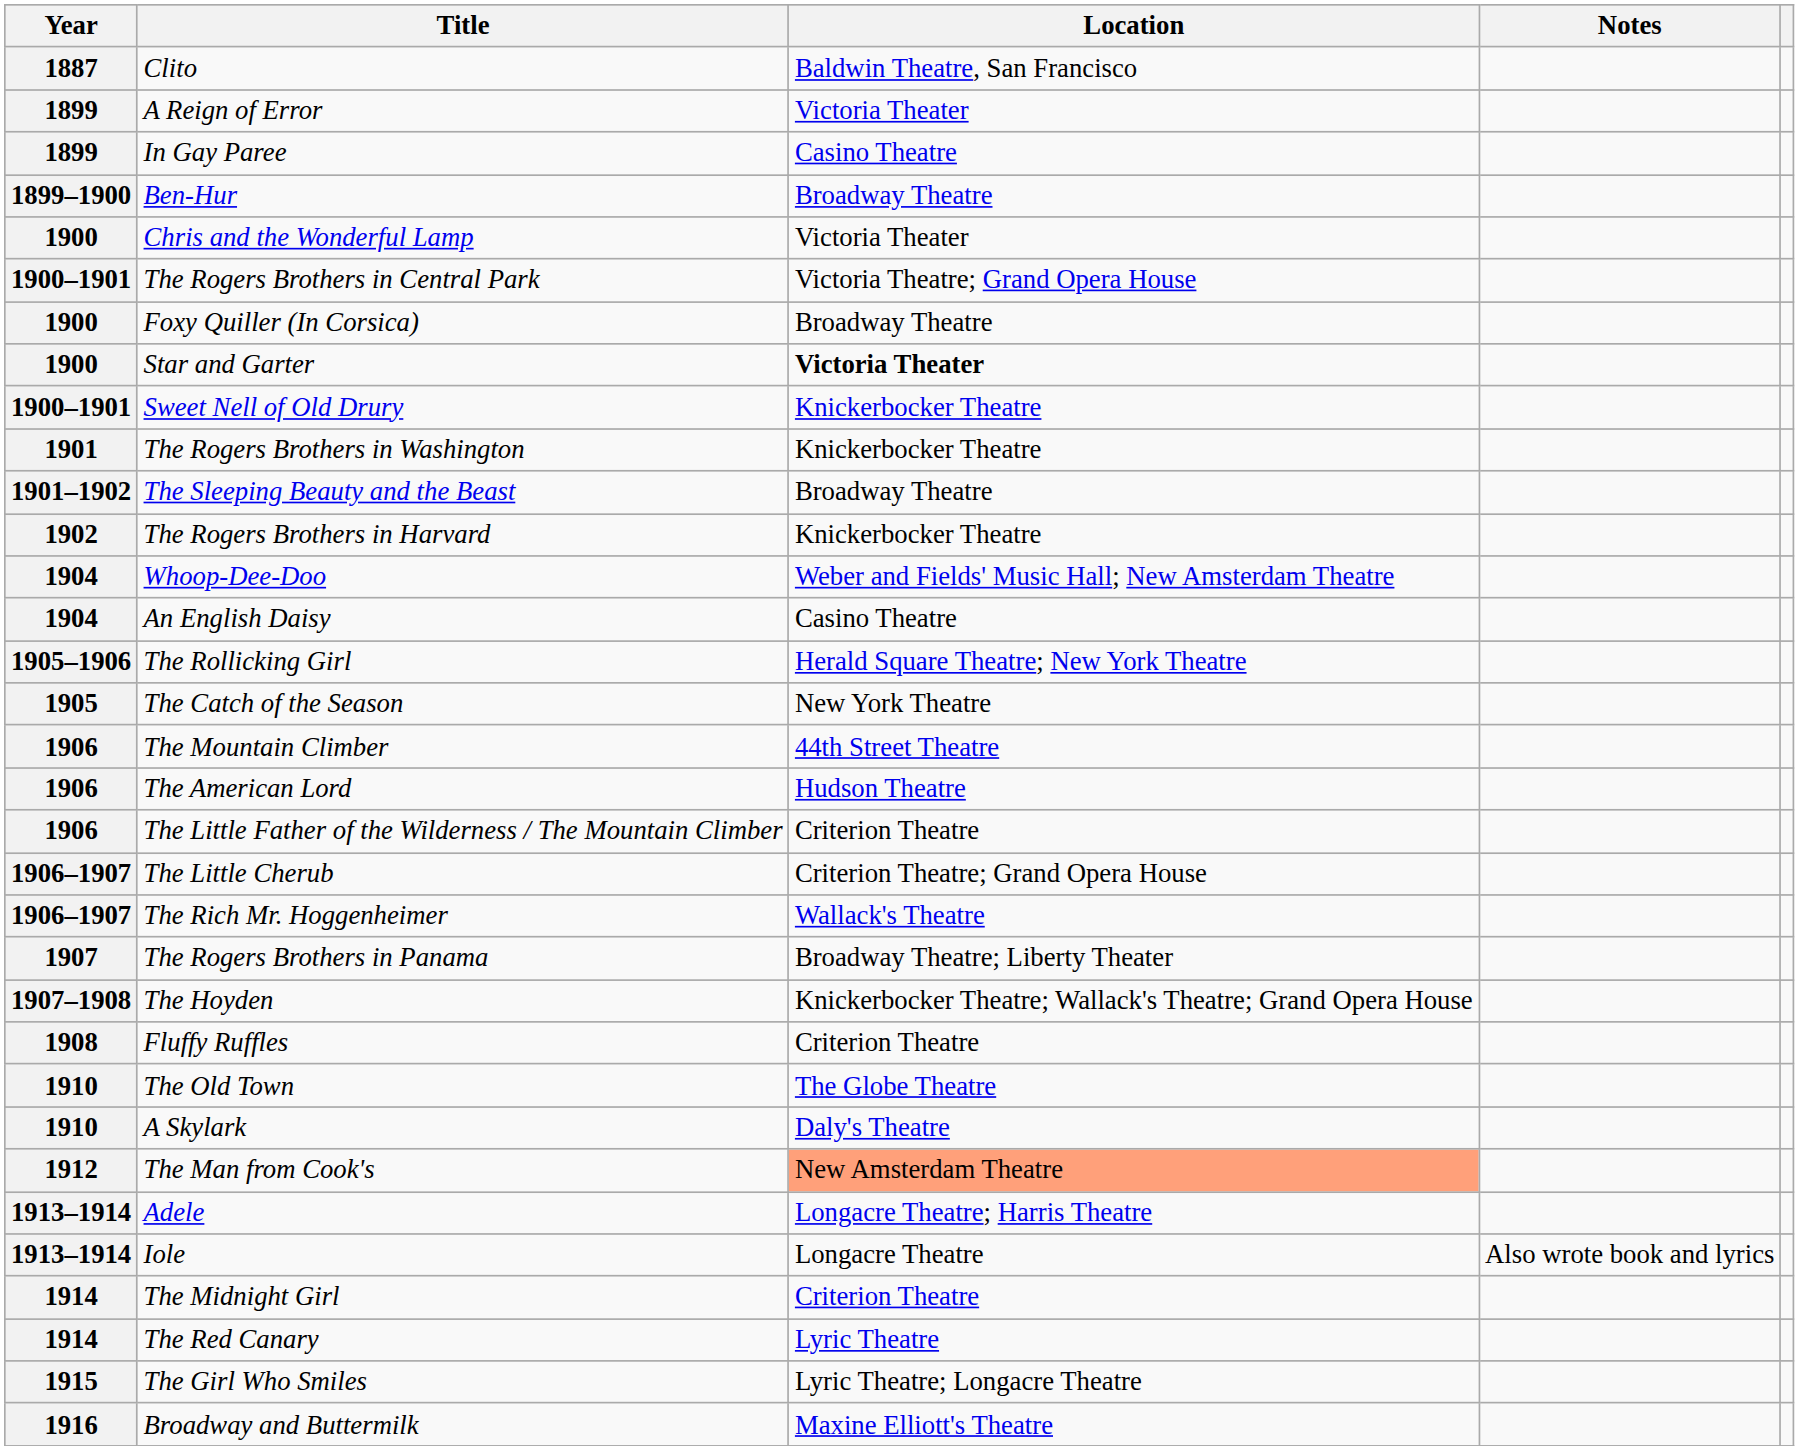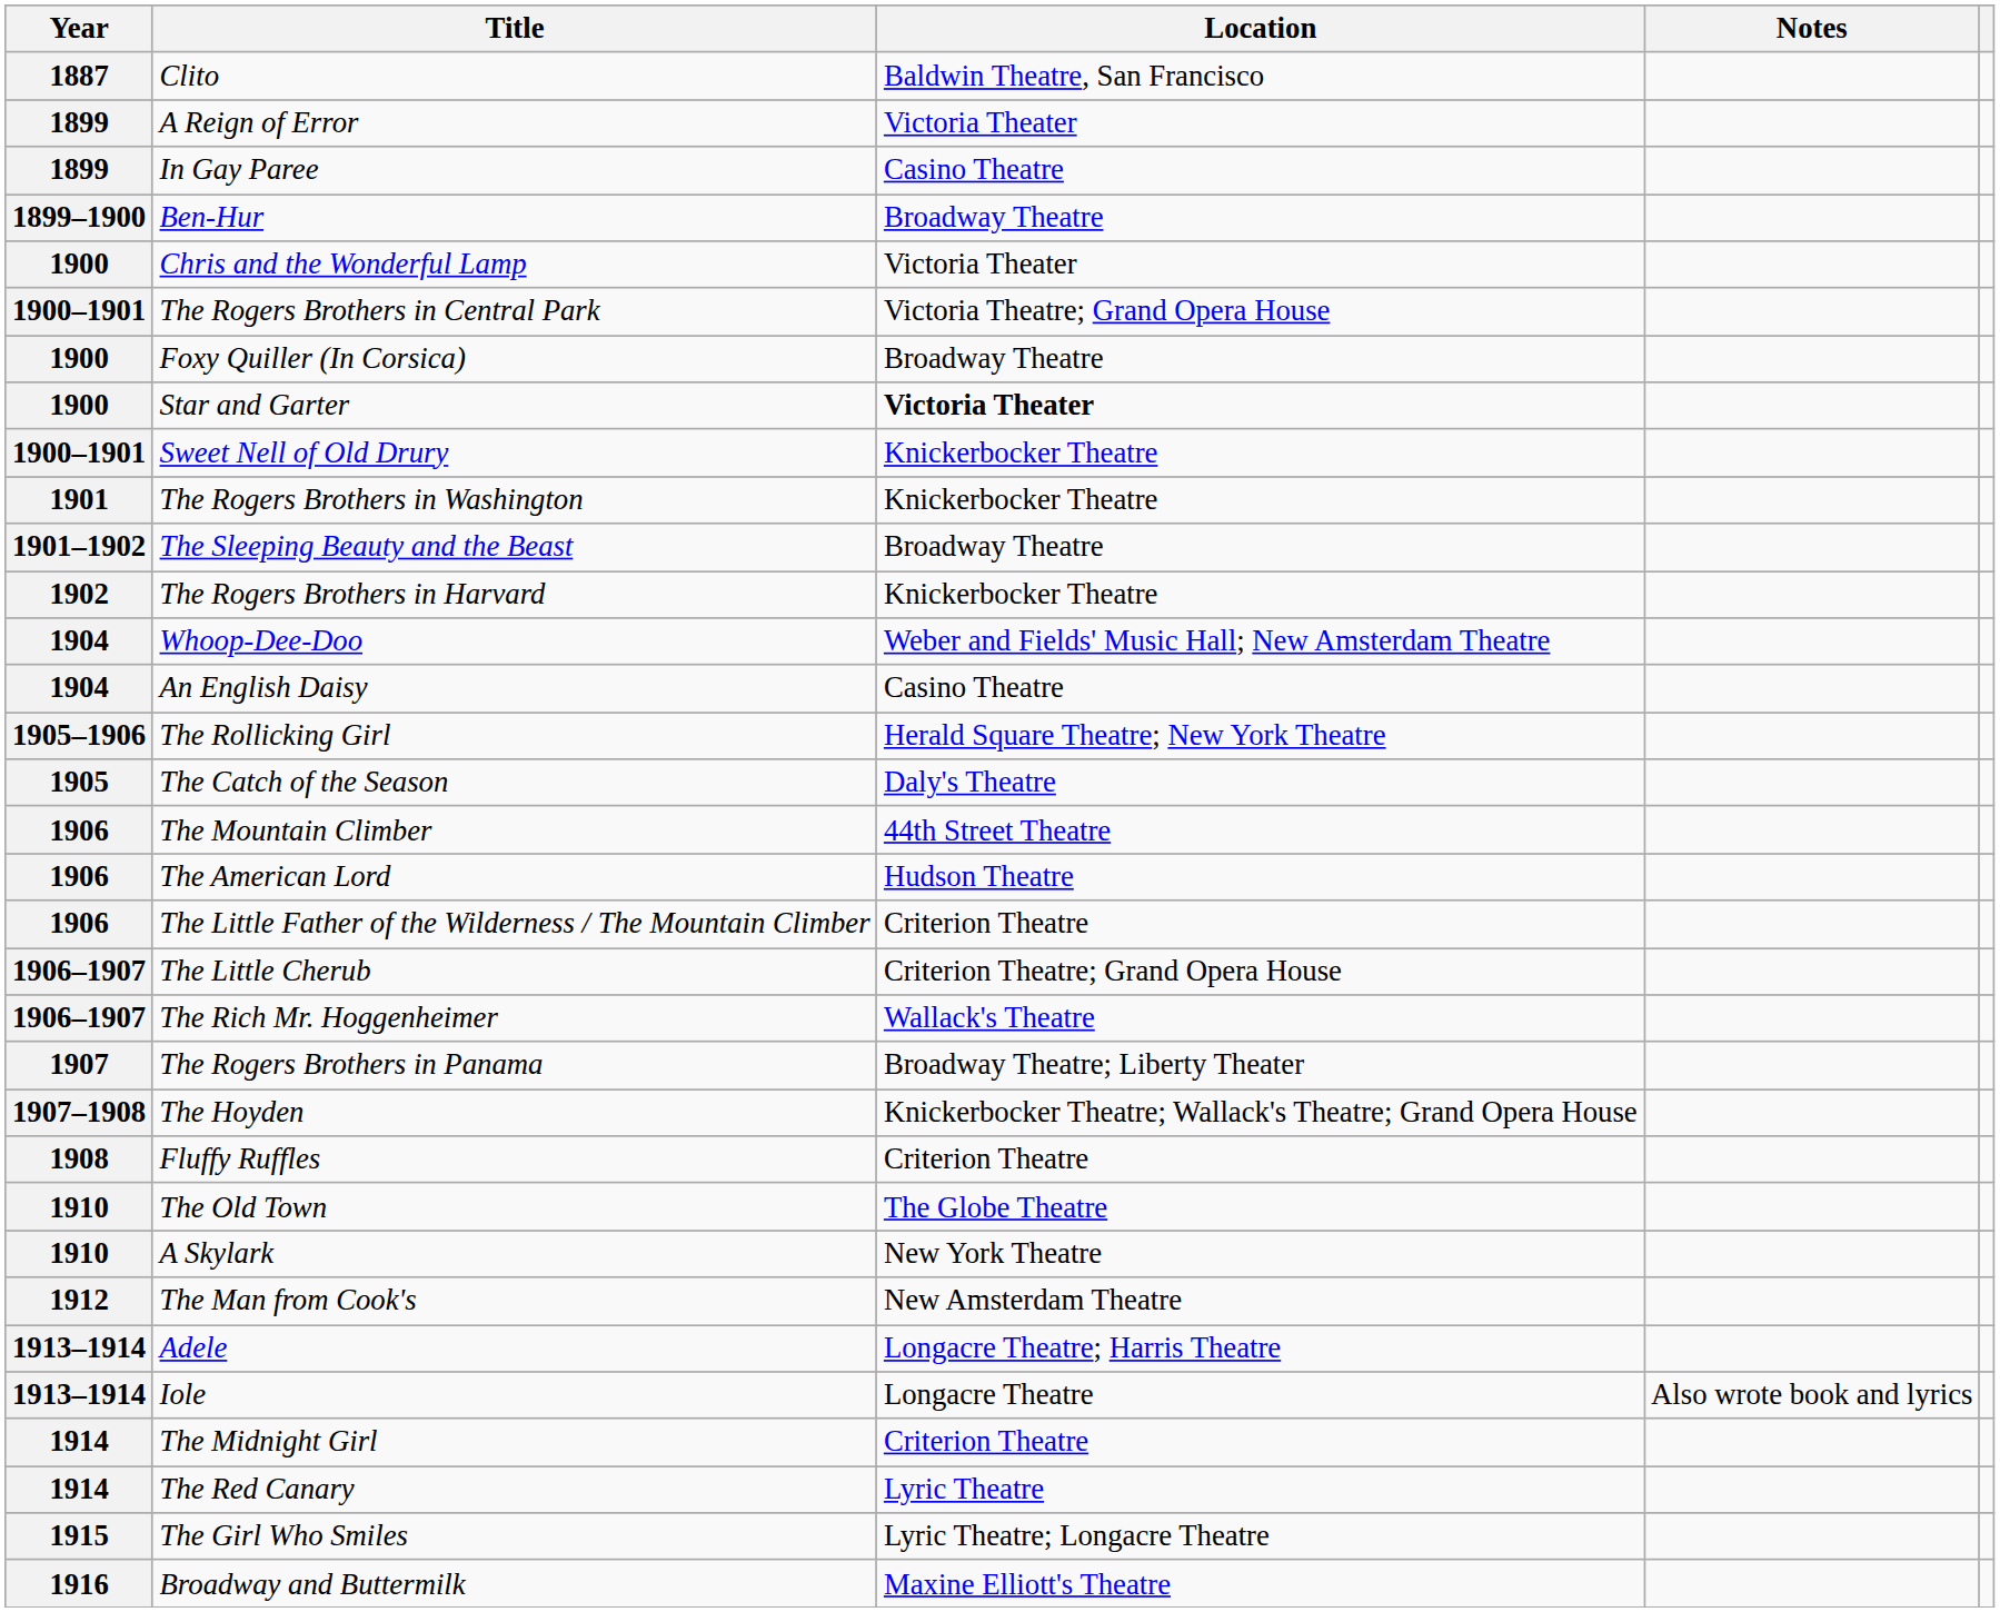 <table class="wikitable sortable plainrowheaders" style="min-width:30em">
 <tr>
 <th>Year</th>
 <th>Title</th>
 <th>Location</th>
 <th>Notes</th>
 <th class="unsortable"></th>
 </tr>
 <tr>
 <th scope="row">1887</th>
 <td><em>Clito</em></td>
 <td><a href='#'>Baldwin Theatre</a>, San Francisco</td>
 <td></td>
 <td style="text-align:center;"></td>
 </tr>
 <tr>
 <th scope="row">1899</th>
 <td><em>A Reign of Error</em></td>
 <td><a href='#'>Victoria Theater</a></td>
 <td></td>
 <td style="text-align:center;"></td>
 </tr>
 <tr>
 <th scope="row">1899</th>
 <td><em>In Gay Paree</em></td>
 <td><a href='#'>Casino Theatre</a></td>
 <td></td>
 <td style="text-align:center;"></td>
 </tr>
 <tr>
 <th scope="row">1899–1900</th>
 <td><em><a href='#'>Ben-Hur</a></em></td>
 <td><a href='#'>Broadway Theatre</a></td>
 <td></td>
 <td style="text-align:center;"></td>
 </tr>
 <tr>
 <th scope="row">1900</th>
 <td><em><a href='#'>Chris and the Wonderful Lamp</a></em></td>
 <td>Victoria Theater</td>
 <td></td>
 <td style="text-align:center;"></td>
 </tr>
 <tr>
 <th scope="row">1900–1901</th>
 <td data-sort-value="Rogers"><em>The Rogers Brothers in Central Park</em></td>
 <td>Victoria Theatre; <a href='#'>Grand Opera House</a></td>
 <td></td>
 <td style="text-align:center;"></td>
 </tr>
 <tr>
 <th scope="row">1900</th>
 <td><em>Foxy Quiller (In Corsica)</em></td>
 <td>Broadway Theatre</td>
 <td></td>
 <td style="text-align:center;"></td>
 </tr>
 <tr>
 <th scope="row">1900</th>
 <td><em>Star and Garter</em></td>
 <td><strong>Victoria Theater</strong></td>
 <td></td>
 <td style="text-align:center;"></td>
 </tr>
 <tr>
 <th scope="row">1900–1901</th>
 <td><em><a href='#'>Sweet Nell of Old Drury</a></em></td>
 <td><a href='#'>Knickerbocker Theatre</a></td>
 <td></td>
 <td style="text-align:center;"></td>
 </tr>
 <tr>
 <th scope="row">1901</th>
 <td data-sort-value="Rogers Washington"><em>The Rogers Brothers in Washington</em></td>
 <td>Knickerbocker Theatre</td>
 <td></td>
 <td style="text-align:center;"></td>
 </tr>
 <tr>
 <th scope="row">1901–1902</th>
 <td data-sort-value="Sleeping"><em><a href='#'>The Sleeping Beauty and the Beast</a></em></td>
 <td>Broadway Theatre</td>
 <td></td>
 <td style="text-align:center;"></td>
 </tr>
 <tr>
 <th scope="row">1902</th>
 <td data-sort-value="Rogers Brothers Harvard"><em>The Rogers Brothers in Harvard</em></td>
 <td>Knickerbocker Theatre</td>
 <td></td>
 <td style="text-align:center;"></td>
 </tr>
 <tr>
 <th scope="row">1904</th>
 <td><em><a href='#'>Whoop-Dee-Doo</a></em></td>
 <td><a href='#'>Weber and Fields' Music Hall</a>; <a href='#'>New Amsterdam Theatre</a></td>
 <td></td>
 <td style="text-align:center;"></td>
 </tr>
 <tr>
 <th scope="row">1904</th>
 <td data-sort-value="English"><em>An English Daisy</em></td>
 <td>Casino Theatre</td>
 <td></td>
 <td style="text-align:center;"></td>
 </tr>
 <tr>
 <th scope="row">1905–1906</th>
 <td data-sort-value="Rollicking"><em>The Rollicking Girl</em></td>
 <td><a href='#'>Herald Square Theatre</a>; <a href='#'>New York Theatre</a></td>
 <td></td>
 <td style="text-align:center;"></td>
 </tr>
 <tr>
 <th scope="row">1905</th>
 <td data-sort-value="Catch"><em>The Catch of the Season</em></td>
-<td>New York Theatre</td>
+<td><a href='#'>Daly's Theatre</a></td>
 <td></td>
 <td style="text-align:center;"></td>
 </tr>
 <tr>
 <th scope="row">1906</th>
 <td data-sort-value="Mountain Climber"><em>The Mountain Climber</em></td>
 <td><a href='#'>44th Street Theatre</a></td>
 <td></td>
 <td style="text-align:center;"></td>
 </tr>
 <tr>
 <th scope="row">1906</th>
 <td data-sort-value=American Lord><em>The American Lord</em></td>
 <td><a href='#'>Hudson Theatre</a></td>
 <td></td>
 <td style="text-align:center;"></td>
 </tr>
 <tr>
 <th scope="row">1906</th>
 <td><em>The Little Father of the Wilderness / The Mountain Climber</em></td>
 <td>Criterion Theatre</td>
 <td></td>
 <td style="text-align:center;"></td>
 </tr>
 <tr>
 <th scope="row">1906–1907</th>
 <td data-sort-value="Little Cherub"><em>The Little Cherub</em></td>
 <td>Criterion Theatre; Grand Opera House</td>
 <td></td>
 <td style="text-align:center;"></td>
 </tr>
 <tr>
 <th scope="row">1906–1907</th>
 <td data-sort-value="Rich Mr."><em>The Rich Mr. Hoggenheimer</em></td>
 <td><a href='#'>Wallack's Theatre</a></td>
 <td></td>
 <td style="text-align:center;"></td>
 </tr>
 <tr>
 <th scope="row">1907</th>
 <td data-sort-value="Rogers Brothers Panama"><em>The Rogers Brothers in Panama</em></td>
 <td>Broadway Theatre; Liberty Theater</td>
 <td></td>
 <td style="text-align:center;"></td>
 </tr>
 <tr>
 <th scope="row">1907–1908</th>
 <td data-sort-value="Hoyden"><em>The Hoyden</em></td>
 <td>Knickerbocker Theatre; Wallack's Theatre; Grand Opera House</td>
 <td></td>
 <td style="text-align:center;"></td>
 </tr>
 <tr>
 <th scope="row">1908</th>
 <td><em>Fluffy Ruffles</em></td>
 <td>Criterion Theatre</td>
 <td></td>
 <td style="text-align:center;"></td>
 </tr>
 <tr>
 <th scope="row">1910</th>
 <td data-sort="Old Town"><em>The Old Town</em></td>
 <td><a href='#'>The Globe Theatre</a></td>
 <td></td>
 <td style="text-align:center;"></td>
 </tr>
 <tr>
 <th scope="row">1910</th>
 <td data-sort-value="Skylark"><em>A Skylark</em></td>
-<td><a href='#'>Daly's Theatre</a></td>
+<td>New York Theatre</td>
 <td></td>
 <td style="text-align:center;"></td>
 </tr>
 <tr>
 <th scope="row">1912</th>
 <td data-sort-value="Man Cook's"><em>The Man from Cook's</em></td>
-<td style="background: lightsalmon;">New Amsterdam Theatre</td>
+<td>New Amsterdam Theatre</td>
 <td></td>
 <td style="text-align:center;"></td>
 </tr>
 <tr>
 <th scope="row">1913–1914</th>
 <td><em><a href='#'>Adele</a></em></td>
 <td><a href='#'>Longacre Theatre</a>; <a href='#'>Harris Theatre</a></td>
 <td></td>
 <td style="text-align:center;"></td>
 </tr>
 <tr>
 <th scope="row">1913–1914</th>
 <td><em>Iole</em></td>
 <td>Longacre Theatre</td>
 <td>Also wrote book and lyrics</td>
 <td style="text-align:center;"></td>
 </tr>
 <tr>
 <th scope="row">1914</th>
 <td data-sort-value="Midnight Girl"><em>The Midnight Girl</em></td>
 <td><a href='#'>Criterion Theatre</a></td>
 <td></td>
 <td style="text-align:center;"></td>
 </tr>
 <tr>
 <th scope="row">1914</th>
 <td data-sort-value="Red Canary"><em>The Red Canary</em></td>
 <td><a href='#'>Lyric Theatre</a></td>
 <td></td>
 <td style="text-align:center;"></td>
 </tr>
 <tr>
 <th scope="row">1915</th>
 <td data-sort-value="Girl Who Smiles"><em>The Girl Who Smiles</em></td>
 <td>Lyric Theatre; Longacre Theatre</td>
 <td></td>
 <td style="text-align:center;"></td>
 </tr>
 <tr>
 <th scope="row">1916</th>
 <td><em>Broadway and Buttermilk</em></td>
 <td><a href='#'>Maxine Elliott's Theatre</a></td>
 <td></td>
 <td style="text-align:center;"></td>
 </tr>
 <tr>
 </tr>
 </table>
